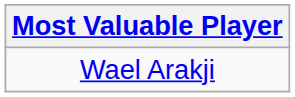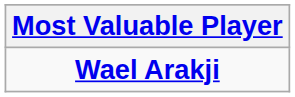 <table class=wikitable style="text-align:center; margin:auto">
 <tr>
 <th><a href='#'>Most Valuable Player</a></th>
 </tr>
 <tr>
-<td> <a href='#'>Wael Arakji</a></td>
+<td><strong> <a href='#'>Wael Arakji</a></strong></td>
 </tr>
 </table>
